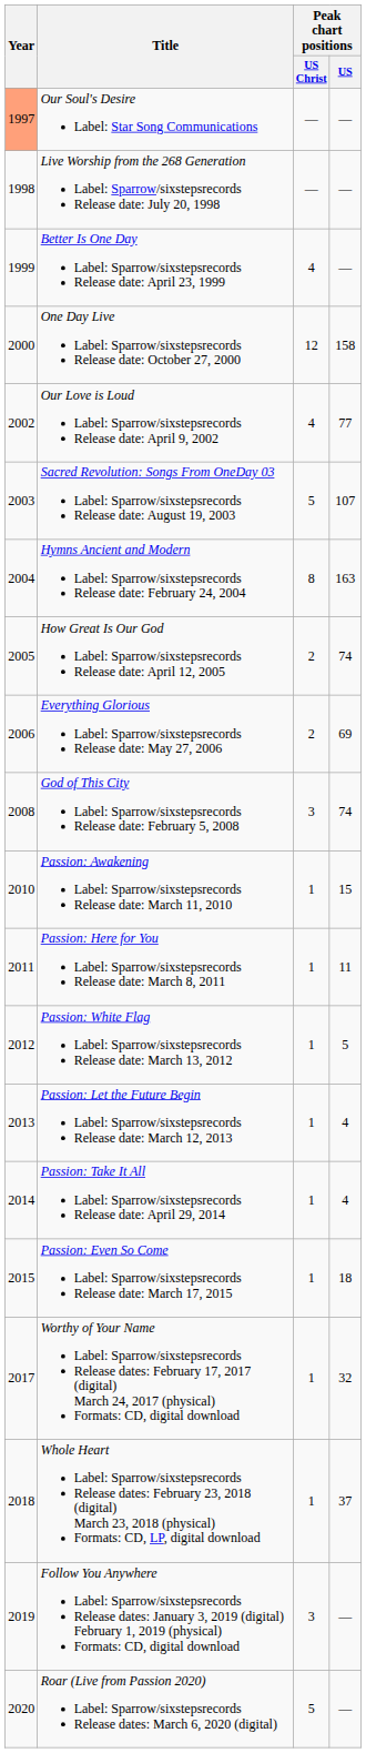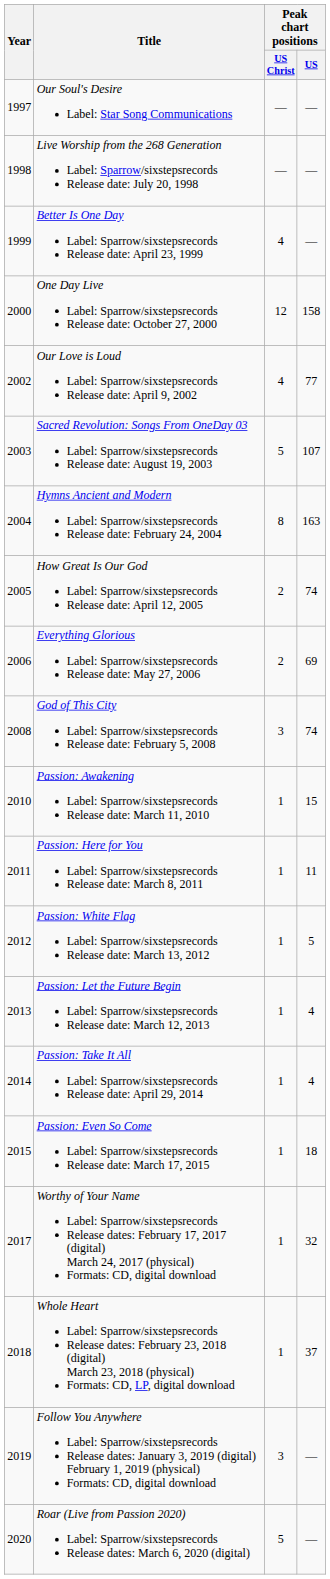 <table class="wikitable" style="text-align:center">
 <tr>
 <th rowspan="2">Year</th>
 <th width="300" rowspan="2">Title</th>
 <th colspan="2">Peak chart positions</th>
 </tr>
 <tr>
 <th scope="col" style="width:2.3em;font-size:85%;"><a href='#'>US<br>Christ</a><br></th>
 <th scope="col" style="width:2.3em;font-size:85%;"><a href='#'>US</a><br></th>
 </tr>
 <tr>
-<td style="background: lightsalmon;">1997</td>
+<td>1997</td>
 <td align=left><em>Our Soul's Desire</em><br><ul><li>Label: <a href='#'>Star Song Communications</a></li></ul></td>
 <td>—</td>
 <td>—</td>
 </tr>
 <tr>
 <td>1998</td>
 <td align=left><em>Live Worship from the 268 Generation</em><br><ul><li>Label: <a href='#'>Sparrow</a>/sixstepsrecords</li><li>Release date: July 20, 1998</li></ul></td>
 <td>—</td>
 <td>—</td>
 </tr>
 <tr>
 <td>1999</td>
 <td align=left><em><a href='#'>Better Is One Day</a></em><br><ul><li>Label: Sparrow/sixstepsrecords</li><li>Release date: April 23, 1999</li></ul></td>
 <td>4</td>
 <td>—</td>
 </tr>
 <tr>
 <td>2000</td>
 <td align=left><em>One Day Live</em><br><ul><li>Label: Sparrow/sixstepsrecords</li><li>Release date: October 27, 2000</li></ul></td>
 <td>12</td>
 <td>158</td>
 </tr>
 <tr>
 <td>2002</td>
 <td align=left><em>Our Love is Loud</em><br><ul><li>Label: Sparrow/sixstepsrecords</li><li>Release date: April 9, 2002</li></ul></td>
 <td>4</td>
 <td>77</td>
 </tr>
 <tr>
 <td>2003</td>
 <td align=left><em><a href='#'>Sacred Revolution: Songs From OneDay 03</a></em><br><ul><li>Label: Sparrow/sixstepsrecords</li><li>Release date: August 19, 2003</li></ul></td>
 <td>5</td>
 <td>107</td>
 </tr>
 <tr>
 <td>2004</td>
 <td align=left><em><a href='#'>Hymns Ancient and Modern</a></em><br><ul><li>Label: Sparrow/sixstepsrecords</li><li>Release date: February 24, 2004</li></ul></td>
 <td>8</td>
 <td>163</td>
 </tr>
 <tr>
 <td>2005</td>
 <td align=left><em>How Great Is Our God</em><br><ul><li>Label: Sparrow/sixstepsrecords</li><li>Release date: April 12, 2005</li></ul></td>
 <td>2</td>
 <td>74</td>
 </tr>
 <tr>
 <td>2006</td>
 <td align=left><em><a href='#'>Everything Glorious</a></em><br><ul><li>Label: Sparrow/sixstepsrecords</li><li>Release date: May 27, 2006</li></ul></td>
 <td>2</td>
 <td>69</td>
 </tr>
 <tr>
 <td>2008</td>
 <td align=left><em><a href='#'>God of This City</a></em><br><ul><li>Label: Sparrow/sixstepsrecords</li><li>Release date: February 5, 2008</li></ul></td>
 <td>3</td>
 <td>74</td>
 </tr>
 <tr>
 <td>2010</td>
 <td align=left><em><a href='#'>Passion: Awakening</a></em><br><ul><li>Label: Sparrow/sixstepsrecords</li><li>Release date: March 11, 2010</li></ul></td>
 <td>1</td>
 <td>15</td>
 </tr>
 <tr>
 <td>2011</td>
 <td align=left><em><a href='#'>Passion: Here for You</a></em><br><ul><li>Label: Sparrow/sixstepsrecords</li><li>Release date: March 8, 2011</li></ul></td>
 <td>1</td>
 <td>11</td>
 </tr>
 <tr>
 <td>2012</td>
 <td align=left><em><a href='#'>Passion: White Flag</a></em><br><ul><li>Label: Sparrow/sixstepsrecords</li><li>Release date: March 13, 2012</li></ul></td>
 <td>1</td>
 <td>5</td>
 </tr>
 <tr>
 <td>2013</td>
 <td align=left><em><a href='#'>Passion: Let the Future Begin</a></em><br><ul><li>Label: Sparrow/sixstepsrecords</li><li>Release date: March 12, 2013</li></ul></td>
 <td>1</td>
 <td>4</td>
 </tr>
 <tr>
 <td>2014</td>
 <td align=left><em><a href='#'>Passion: Take It All</a></em><br><ul><li>Label: Sparrow/sixstepsrecords</li><li>Release date: April 29, 2014</li></ul></td>
 <td>1</td>
 <td>4</td>
 </tr>
 <tr>
 <td>2015</td>
 <td align=left><em><a href='#'>Passion: Even So Come</a></em><br><ul><li>Label: Sparrow/sixstepsrecords</li><li>Release date: March 17, 2015</li></ul></td>
 <td>1</td>
 <td>18</td>
 </tr>
 <tr>
 <td>2017</td>
 <td align=left><em>Worthy of Your Name</em><br><ul><li>Label: Sparrow/sixstepsrecords</li><li>Release dates: February 17, 2017 (digital)<br>March 24, 2017 (physical)</li><li>Formats: CD, digital download</li></ul></td>
 <td>1</td>
 <td>32</td>
 </tr>
 <tr>
 <td>2018</td>
 <td align=left><em>Whole Heart</em><br><ul><li>Label: Sparrow/sixstepsrecords</li><li>Release dates: February 23, 2018 (digital)<br>March 23, 2018 (physical)</li><li>Formats: CD, <a href='#'>LP</a>, digital download</li></ul></td>
 <td>1</td>
 <td>37</td>
 </tr>
 <tr>
 <td>2019</td>
 <td align=left><em>Follow You Anywhere</em><br><ul><li>Label: Sparrow/sixstepsrecords</li><li>Release dates: January 3, 2019 (digital)<br>February 1, 2019 (physical)</li><li>Formats: CD, digital download</li></ul></td>
 <td>3</td>
 <td>—</td>
 </tr>
 <tr>
 <td>2020</td>
 <td align=left><em>Roar (Live from Passion 2020)</em><br><ul><li>Label: Sparrow/sixstepsrecords</li><li>Release dates: March 6, 2020 (digital)</li></ul></td>
 <td>5</td>
 <td>—</td>
 </tr>
 </table>
